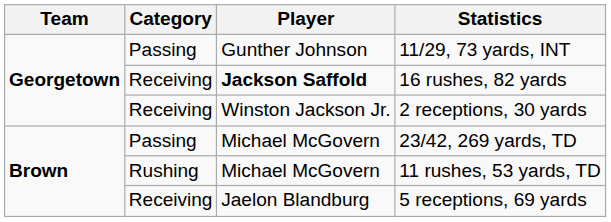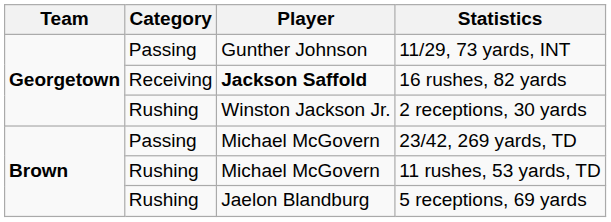 <table class="wikitable" style="float: left;">
 <tr>
 <th>Team</th>
 <th>Category</th>
 <th>Player</th>
 <th>Statistics</th>
 </tr>
 <tr>
 <td rowspan=3><strong>Georgetown</strong></td>
 <td>Passing</td>
 <td>Gunther Johnson</td>
 <td>11/29, 73 yards, INT</td>
 </tr>
 <tr>
 <td>Receiving</td>
 <td><strong>Jackson Saffold</strong></td>
 <td>16 rushes, 82 yards</td>
 </tr>
 <tr>
-<td>Receiving</td>
+<td>Rushing</td>
 <td>Winston Jackson Jr.</td>
 <td>2 receptions, 30 yards</td>
 </tr>
 <tr>
 <td rowspan=3><strong>Brown</strong></td>
 <td>Passing</td>
 <td>Michael McGovern</td>
 <td>23/42, 269 yards, TD</td>
 </tr>
 <tr>
 <td>Rushing</td>
 <td>Michael McGovern</td>
 <td>11 rushes, 53 yards, TD</td>
 </tr>
 <tr>
-<td>Receiving</td>
+<td>Rushing</td>
 <td>Jaelon Blandburg</td>
 <td>5 receptions, 69 yards</td>
 </tr>
 </table>
